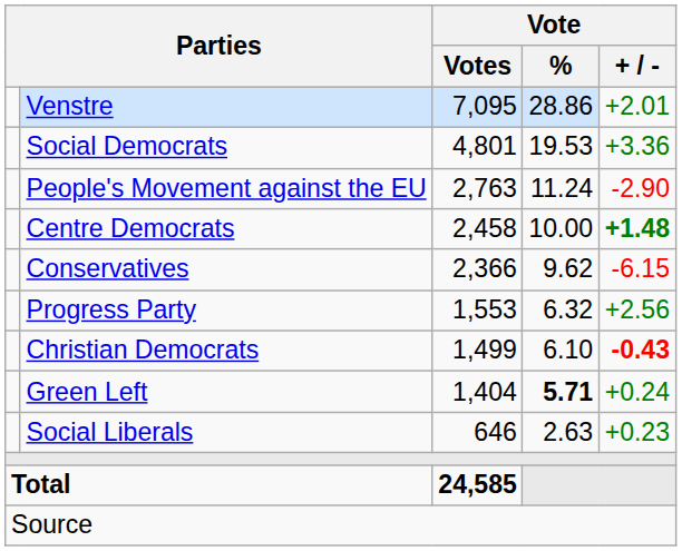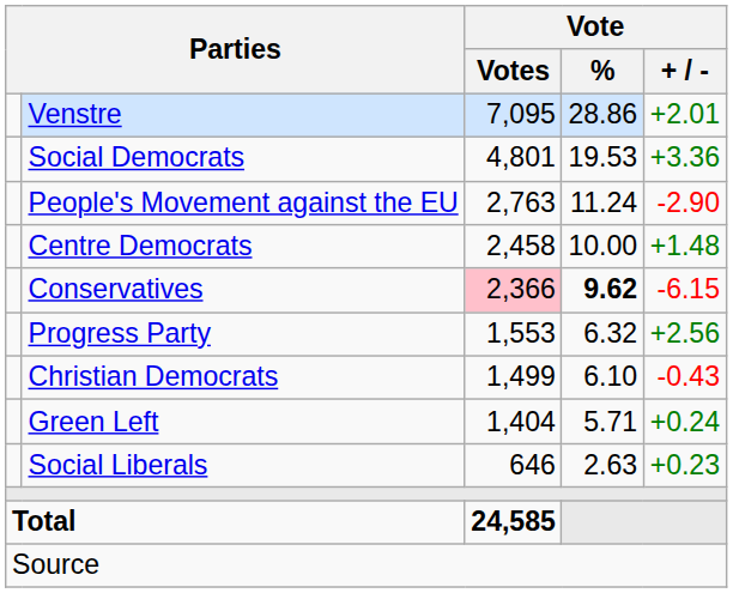 <table class="wikitable" style="text-align:right;">
 <tr>
 <th style="text-align:centre;" rowspan="2" colspan="2" width="225">Parties</th>
 <th colspan="3">Vote</th>
 </tr>
 <tr>
 <th width="15">Votes</th>
 <th width="15">%</th>
 <th width="15">+ / -</th>
 </tr>
 <tr>
 <td width="2" style="color:inherit;background:"></td>
 <td bgcolor=#cfe5fe   align="left"><a href='#'>Venstre</a></td>
 <td bgcolor=#cfe5fe>7,095</td>
 <td bgcolor=#cfe5fe>28.86</td>
 <td style=color:green;>+2.01</td>
 </tr>
 <tr>
 <td width="2" style="color:inherit;background:"></td>
 <td align="left"><a href='#'>Social Democrats</a></td>
 <td>4,801</td>
 <td>19.53</td>
 <td style=color:green;>+3.36</td>
 </tr>
 <tr>
 <td width="2" style="color:inherit;background:"></td>
 <td align="left"><a href='#'>People's Movement against the EU</a></td>
 <td>2,763</td>
 <td>11.24</td>
 <td style=color:red;>-2.90</td>
 </tr>
 <tr>
 <td width="2" style="color:inherit;background:"></td>
 <td align="left"><a href='#'>Centre Democrats</a></td>
 <td>2,458</td>
 <td>10.00</td>
-<td style=color:green;><strong>+1.48</strong></td>
+<td style=color:green;>+1.48</td>
 </tr>
 <tr>
 <td width="2" style="color:inherit;background:"></td>
 <td align="left"><a href='#'>Conservatives</a></td>
-<td>2,366</td>
-<td>9.62</td>
+<td style="background: pink;">2,366</td>
+<td><strong>9.62</strong></td>
 <td style=color:red;>-6.15</td>
 </tr>
 <tr>
 <td width="2" style="color:inherit;background:"></td>
 <td align="left"><a href='#'>Progress Party</a></td>
 <td>1,553</td>
 <td>6.32</td>
 <td style=color:green;>+2.56</td>
 </tr>
 <tr>
 <td width="2" style="color:inherit;background:"></td>
 <td align="left"><a href='#'>Christian Democrats</a></td>
 <td>1,499</td>
 <td>6.10</td>
-<td style=color:red;><strong>-0.43</strong></td>
+<td style=color:red;>-0.43</td>
 </tr>
 <tr>
 <td width="2" style="color:inherit;background:"></td>
 <td align="left"><a href='#'>Green Left</a></td>
 <td>1,404</td>
-<td><strong>5.71</strong></td>
+<td>5.71</td>
 <td style=color:green;>+0.24</td>
 </tr>
 <tr>
 <td width="2" style="color:inherit;background:"></td>
 <td align="left"><a href='#'>Social Liberals</a></td>
 <td>646</td>
 <td>2.63</td>
 <td style=color:green;>+0.23</td>
 </tr>
 <tr>
 <td colspan="7" bgcolor="#E9E9E9"></td>
 </tr>
 <tr>
 <td align="left" colspan="2"><strong>Total</strong></td>
 <td><strong>24,585</strong></td>
 <td bgcolor="#E9E9E9" colspan="2"></td>
 </tr>
 <tr>
 <td align="left" colspan="6">Source</td>
 </tr>
 </table>
